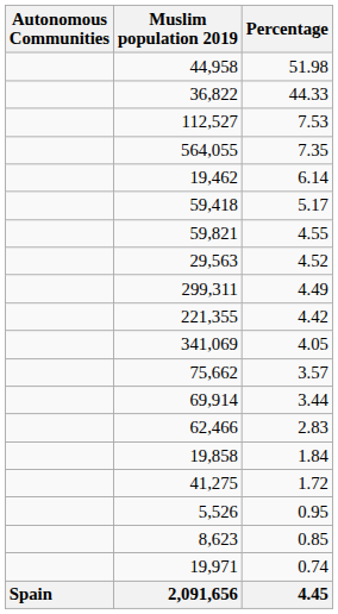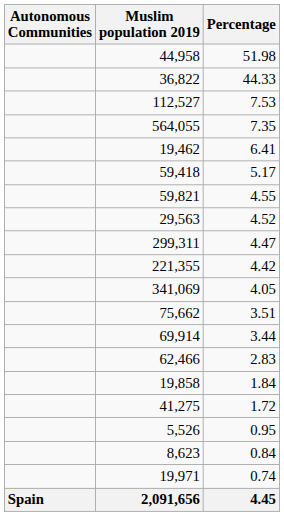 <table class="wikitable sortable">
 <tr>
 <th>Autonomous  <br> Communities</th>
 <th>Muslim  <br> population 2019</th>
 <th>Percentage</th>
 </tr>
 <tr>
 <td></td>
 <td style="text-align:right;">44,958</td>
 <td style="text-align:right;">51.98</td>
 </tr>
 <tr>
 <td></td>
 <td style="text-align:right;">36,822</td>
 <td style="text-align:right;">44.33</td>
 </tr>
 <tr>
 <td></td>
 <td style="text-align:right;">112,527</td>
 <td style="text-align:right;">7.53</td>
 </tr>
 <tr>
 <td></td>
 <td style="text-align:right;">564,055</td>
 <td style="text-align:right;">7.35</td>
 </tr>
 <tr>
 <td></td>
 <td style="text-align:right;">19,462</td>
-<td style="text-align:right;">6.14</td>
+<td style="text-align:right;">6.41</td>
 </tr>
 <tr>
 <td></td>
 <td style="text-align:right;">59,418</td>
 <td style="text-align:right;">5.17</td>
 </tr>
 <tr>
 <td></td>
 <td style="text-align:right;">59,821</td>
 <td style="text-align:right;">4.55</td>
 </tr>
 <tr>
 <td></td>
 <td style="text-align:right;">29,563</td>
 <td style="text-align:right;">4.52</td>
 </tr>
 <tr>
 <td></td>
 <td style="text-align:right;">299,311</td>
-<td style="text-align:right;">4.49</td>
+<td style="text-align:right;">4.47</td>
 </tr>
 <tr>
 <td></td>
 <td style="text-align:right;">221,355</td>
 <td style="text-align:right;">4.42</td>
 </tr>
 <tr>
 <td></td>
 <td style="text-align:right;">341,069</td>
 <td style="text-align:right;">4.05</td>
 </tr>
 <tr>
 <td></td>
 <td style="text-align:right;">75,662</td>
-<td style="text-align:right;">3.57</td>
+<td style="text-align:right;">3.51</td>
 </tr>
 <tr>
 <td></td>
 <td style="text-align:right;">69,914</td>
 <td style="text-align:right;">3.44</td>
 </tr>
 <tr>
 <td></td>
 <td style="text-align:right;">62,466</td>
 <td style="text-align:right;">2.83</td>
 </tr>
 <tr>
 <td></td>
 <td style="text-align:right;">19,858</td>
 <td style="text-align:right;">1.84</td>
 </tr>
 <tr>
 <td></td>
 <td style="text-align:right;">41,275</td>
 <td style="text-align:right;">1.72</td>
 </tr>
 <tr>
 <td></td>
 <td style="text-align:right;">5,526</td>
 <td style="text-align:right;">0.95</td>
 </tr>
 <tr>
 <td></td>
 <td style="text-align:right;">8,623</td>
-<td style="text-align:right;">0.85</td>
+<td style="text-align:right;">0.84</td>
 </tr>
 <tr>
 <td></td>
 <td style="text-align:right;">19,971</td>
 <td style="text-align:right;">0.74</td>
 </tr>
 <tr>
 <th style="text-align:left;">Spain</th>
 <th style="text-align:right;">2,091,656</th>
 <th style="text-align:right;">4.45</th>
 </tr>
 </table>
